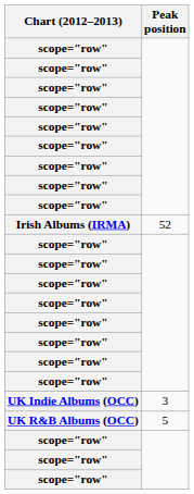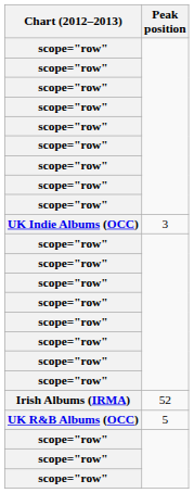 <table class="wikitable sortable plainrowheaders">
 <tr>
 <th scope="col">Chart (2012–2013)</th>
 <th scope="col">Peak<br>position</th>
 </tr>
 <tr>
 <th>scope="row" </th>
 </tr>
 <tr>
 <th>scope="row" </th>
 </tr>
 <tr>
 <th>scope="row" </th>
 </tr>
 <tr>
 <th>scope="row" </th>
 </tr>
 <tr>
 <th>scope="row" </th>
 </tr>
 <tr>
 <th>scope="row" </th>
 </tr>
 <tr>
 <th>scope="row" </th>
 </tr>
 <tr>
 <th>scope="row" </th>
 </tr>
 <tr>
 <th>scope="row" </th>
 </tr>
 <tr>
-<th scope="row">Irish Albums (<a href='#'>IRMA</a>)</th>
-<td style="text-align:center;">52</td>
+<th scope="row"><a href='#'>UK Indie Albums</a> (<a href='#'>OCC</a>)</th>
+<td style="text-align:center;">3</td>
 </tr>
 <tr>
 <th>scope="row" </th>
 </tr>
 <tr>
 <th>scope="row" </th>
 </tr>
 <tr>
 <th>scope="row" </th>
 </tr>
 <tr>
 <th>scope="row" </th>
 </tr>
 <tr>
 <th>scope="row" </th>
 </tr>
 <tr>
 <th>scope="row" </th>
 </tr>
 <tr>
 <th>scope="row" </th>
 </tr>
 <tr>
 <th>scope="row" </th>
 </tr>
 <tr>
-<th scope="row"><a href='#'>UK Indie Albums</a> (<a href='#'>OCC</a>)</th>
-<td style="text-align:center;">3</td>
+<th scope="row">Irish Albums (<a href='#'>IRMA</a>)</th>
+<td style="text-align:center;">52</td>
 </tr>
 <tr>
 <th scope="row"><a href='#'>UK R&B Albums</a> (<a href='#'>OCC</a>)</th>
 <td style="text-align:center;">5</td>
 </tr>
 <tr>
 <th>scope="row" </th>
 </tr>
 <tr>
 <th>scope="row" </th>
 </tr>
 <tr>
 <th>scope="row" </th>
 </tr>
 </table>
